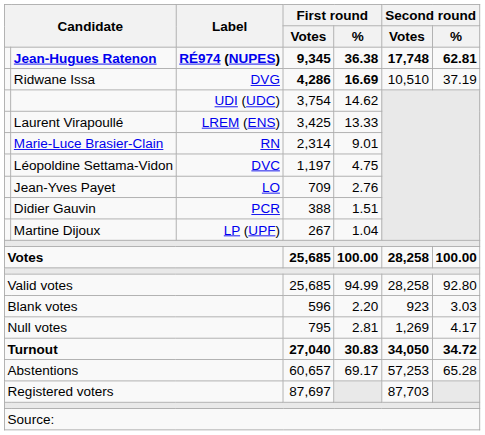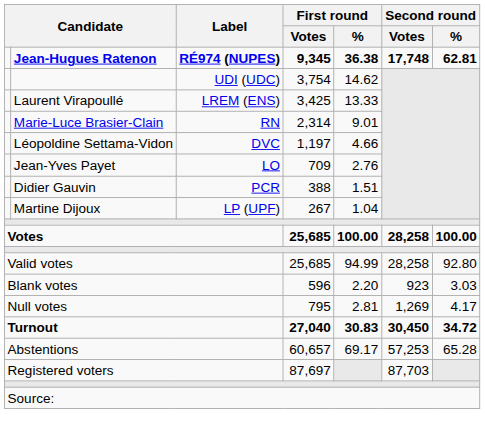 <table class="wikitable" style="text-align:right;font-size:95%;">
 <tr>
 <th colspan="2" rowspan="2">Candidate</th>
 <th rowspan="2">Label</th>
 <th colspan="2">First round</th>
 <th colspan="2">Second round</th>
 </tr>
 <tr>
 <th style="width:50px;">Votes</th>
 <th style="width:45px;">%</th>
 <th style="width:50px;">Votes</th>
 <th style="width:45px;">%</th>
 </tr>
 <tr>
 <td style="color:inherit;background:"></td>
 <td style="text-align:left;"><strong><a href='#'>Jean-Hugues Ratenon</a></strong></td>
 <td><strong><a href='#'>RÉ974</a> (<a href='#'>NUPES</a>)</strong></td>
 <td><strong>9,345</strong></td>
 <td><strong>36.38</strong></td>
 <td><strong>17,748</strong></td>
 <td><strong>62.81</strong></td>
-</tr>
-<tr>
-<td style="color:inherit;background:"></td>
-<td style="text-align:left;">Ridwane Issa</td>
-<td><a href='#'>DVG</a></td>
-<td><strong>4,286</strong></td>
-<td><strong>16.69</strong></td>
-<td>10,510</td>
-<td>37.19</td>
 </tr>
 <tr>
 <td style="color:inherit;background:"></td>
 <td style="text-align:left;"></td>
 <td><a href='#'>UDI</a> (<a href='#'>UDC</a>)</td>
 <td>3,754</td>
 <td>14.62</td>
 <td colspan="2" rowspan="7" style="background:#E9E9E9;"></td>
 </tr>
 <tr>
 <td style="color:inherit;background:"></td>
 <td style="text-align:left;">Laurent Virapoullé</td>
 <td><a href='#'>LREM</a> (<a href='#'>ENS</a>)</td>
 <td>3,425</td>
 <td>13.33</td>
 </tr>
 <tr>
 <td style="color:inherit;background:"></td>
 <td style="text-align:left;"><a href='#'>Marie-Luce Brasier-Clain</a></td>
 <td><a href='#'>RN</a></td>
 <td>2,314</td>
 <td>9.01</td>
 </tr>
 <tr>
 <td style="color:inherit;background:"></td>
 <td style="text-align:left;">Léopoldine Settama-Vidon</td>
 <td><a href='#'>DVC</a></td>
 <td>1,197</td>
-<td>4.75</td>
+<td>4.66</td>
 </tr>
 <tr>
 <td style="color:inherit;background:"></td>
 <td style="text-align:left;">Jean-Yves Payet</td>
 <td><a href='#'>LO</a></td>
 <td>709</td>
 <td>2.76</td>
 </tr>
 <tr>
 <td style="color:inherit;background:"></td>
 <td style="text-align:left;">Didier Gauvin</td>
 <td><a href='#'>PCR</a></td>
 <td>388</td>
 <td>1.51</td>
 </tr>
 <tr>
 <td style="color:inherit;background:"></td>
 <td style="text-align:left;">Martine Dijoux</td>
 <td><a href='#'>LP</a> (<a href='#'>UPF</a>)</td>
 <td>267</td>
 <td>1.04</td>
 </tr>
 <tr>
 <td colspan="7" style="background:#E9E9E9;"></td>
 </tr>
 <tr style="font-weight:bold;">
 <td colspan="3" style="text-align:left;">Votes</td>
 <td>25,685</td>
 <td>100.00</td>
 <td>28,258</td>
 <td>100.00</td>
 </tr>
 <tr>
 <td colspan="7" style="background:#E9E9E9;"></td>
 </tr>
 <tr>
 <td colspan="3" style="text-align:left;">Valid votes</td>
 <td>25,685</td>
 <td>94.99</td>
 <td>28,258</td>
 <td>92.80</td>
 </tr>
 <tr>
 <td colspan="3" style="text-align:left;">Blank votes</td>
 <td>596</td>
 <td>2.20</td>
 <td>923</td>
 <td>3.03</td>
 </tr>
 <tr>
 <td colspan="3" style="text-align:left;">Null votes</td>
 <td>795</td>
 <td>2.81</td>
 <td>1,269</td>
 <td>4.17</td>
 </tr>
 <tr>
 <td colspan="3" style="text-align:left;"><strong>Turnout</strong></td>
 <td><strong>27,040</strong></td>
 <td><strong>30.83</strong></td>
-<td><strong>34,050</strong></td>
+<td><strong>30,450</strong></td>
 <td><strong>34.72</strong></td>
 </tr>
 <tr>
 <td colspan="3" style="text-align:left;">Abstentions</td>
 <td>60,657</td>
 <td>69.17</td>
 <td>57,253</td>
 <td>65.28</td>
 </tr>
 <tr>
 <td colspan="3" style="text-align:left;">Registered voters</td>
 <td>87,697</td>
 <td style="background:#E9E9E9;"></td>
 <td>87,703</td>
 <td style="background:#E9E9E9;"></td>
 </tr>
 <tr>
 <td colspan="7" style="background:#E9E9E9;"></td>
 </tr>
 <tr>
 <td colspan="7" style="text-align:left;">Source: </td>
 </tr>
 </table>
